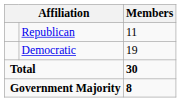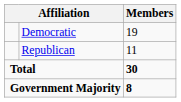 <table class="wikitable">
 <tr>
 <th colspan="2">Affiliation</th>
 <th>Members</th>
 </tr>
 <tr>
 <td style="background-color:"> </td>
-<td><a href='#'>Republican</a></td>
-<td>11</td>
+<td><a href='#'>Democratic</a></td>
+<td>19</td>
 </tr>
 <tr>
 <td style="background-color:"> </td>
-<td><a href='#'>Democratic</a></td>
-<td>19</td>
+<td><a href='#'>Republican</a></td>
+<td>11</td>
 </tr>
 <tr>
 <td colspan="2" rowspan="1"> <strong>Total</strong></td>
 <td><strong>30</strong></td>
 </tr>
 <tr>
 <td colspan="2" rowspan="1"> <strong>Government Majority</strong></td>
 <td><strong>8</strong></td>
 </tr>
 </table>
